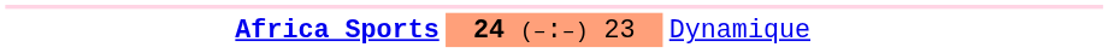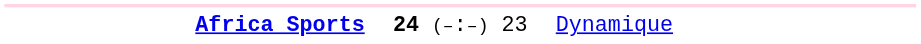 <table style="text-align:center" width=550>
 <tr>
 <th width=30%></th>
 <th width=15%></th>
 <th width=30%></th>
 </tr>
 <tr align="left" bgcolor=#ffd4e4>
 <td colspan=4></td>
 </tr>
 <tr>
 <td align="right"><strong><a href='#'>Africa Sports</a></strong> </td>
-<td style="background: lightsalmon;"><strong>24</strong> <small>(–</small>:<small>–)</small> 23</td>
+<td><strong>24</strong> <small>(–</small>:<small>–)</small> 23</td>
 <td align=left> <a href='#'>Dynamique</a></td>
 </tr>
 </table>
